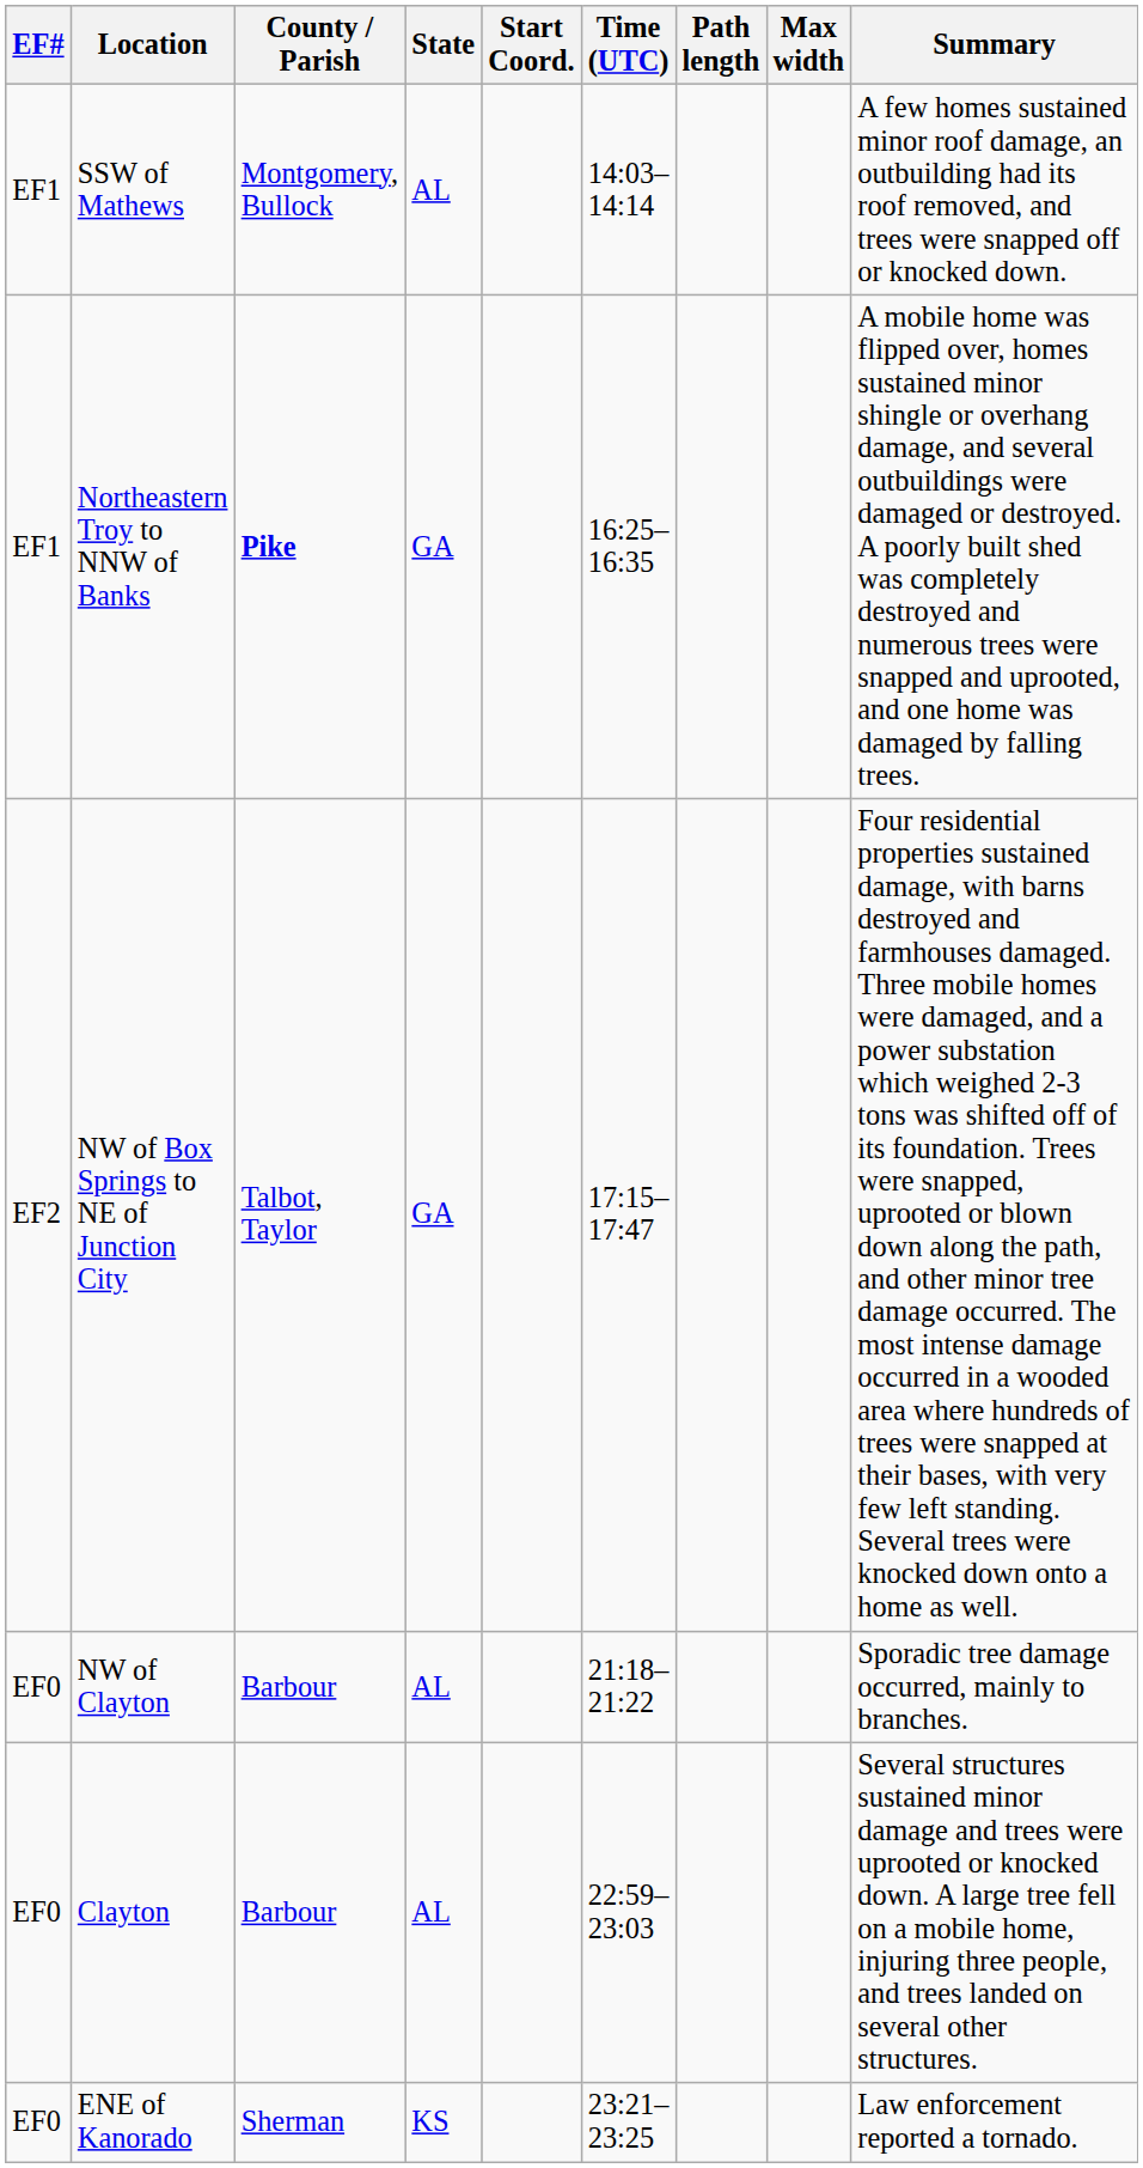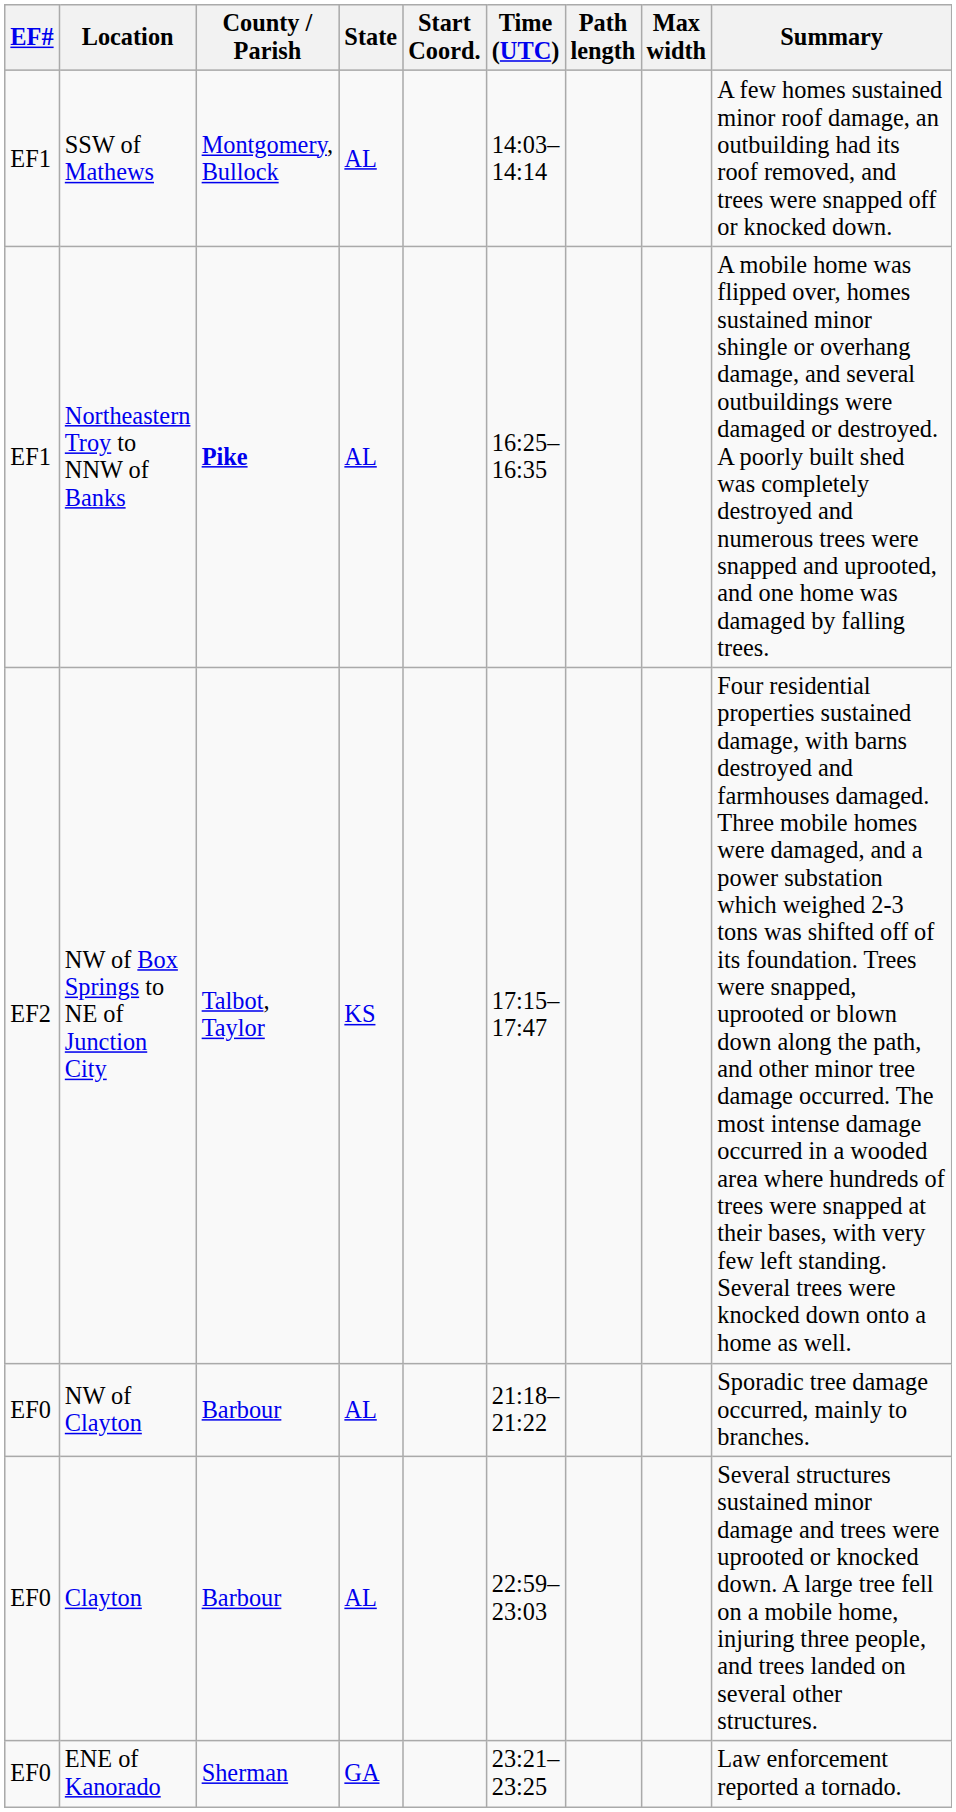 <table class="wikitable sortable" style="width:100%;">
 <tr>
 <th scope="col"  style="width:3%; text-align:center;"><a href='#'>EF#</a></th>
 <th scope="col"  style="width:7%; text-align:center;" class="unsortable">Location</th>
 <th scope="col"  style="width:6%; text-align:center;" class="unsortable">County / Parish</th>
 <th scope="col"  style="width:5%; text-align:center;">State</th>
 <th scope="col"  style="width:6%; text-align:center;">Start Coord.</th>
 <th scope="col"  style="width:6%; text-align:center;">Time (<a href='#'>UTC</a>)</th>
 <th scope="col"  style="width:6%; text-align:center;">Path length</th>
 <th scope="col"  style="width:6%; text-align:center;">Max width</th>
 <th scope="col" class="unsortable" style="width:48%; text-align:center;">Summary</th>
 </tr>
 <tr>
 <td>EF1</td>
 <td>SSW of <a href='#'>Mathews</a></td>
 <td><a href='#'>Montgomery</a>, <a href='#'>Bullock</a></td>
 <td><a href='#'>AL</a></td>
 <td></td>
 <td>14:03–14:14</td>
 <td></td>
 <td></td>
 <td>A few homes sustained minor roof damage, an outbuilding had its roof removed, and trees were snapped off or knocked down.</td>
 </tr>
 <tr>
 <td>EF1</td>
 <td><a href='#'>Northeastern Troy</a> to NNW of <a href='#'>Banks</a></td>
 <td><strong><a href='#'>Pike</a></strong></td>
-<td><a href='#'>GA</a></td>
+<td><a href='#'>AL</a></td>
 <td></td>
 <td>16:25–16:35</td>
 <td></td>
 <td></td>
 <td>A mobile home was flipped over, homes sustained minor shingle or overhang damage, and several outbuildings were damaged or destroyed. A poorly built shed was completely destroyed and numerous trees were snapped and uprooted, and one home was damaged by falling trees.</td>
 </tr>
 <tr>
 <td>EF2</td>
 <td>NW of <a href='#'>Box Springs</a> to NE of <a href='#'>Junction City</a></td>
 <td><a href='#'>Talbot</a>, <a href='#'>Taylor</a></td>
-<td><a href='#'>GA</a></td>
+<td><a href='#'>KS</a></td>
 <td></td>
 <td>17:15–17:47</td>
 <td></td>
 <td></td>
 <td>Four residential properties sustained damage, with barns destroyed and farmhouses damaged. Three mobile homes were damaged, and a power substation which weighed 2-3 tons was shifted  off of its foundation. Trees were snapped, uprooted or blown down along the path, and other minor tree damage occurred. The most intense damage occurred in a wooded area where hundreds of trees were snapped at their bases, with very few left standing. Several trees were knocked down onto a home as well.</td>
 </tr>
 <tr>
 <td>EF0</td>
 <td>NW of <a href='#'>Clayton</a></td>
 <td><a href='#'>Barbour</a></td>
 <td><a href='#'>AL</a></td>
 <td></td>
 <td>21:18–21:22</td>
 <td></td>
 <td></td>
 <td>Sporadic tree damage occurred, mainly to branches.</td>
 </tr>
 <tr>
 <td>EF0</td>
 <td><a href='#'>Clayton</a></td>
 <td><a href='#'>Barbour</a></td>
 <td><a href='#'>AL</a></td>
 <td></td>
 <td>22:59–23:03</td>
 <td></td>
 <td></td>
 <td>Several structures sustained minor damage and trees were uprooted or knocked down. A large tree fell on a mobile home, injuring three people, and trees landed on several other structures.</td>
 </tr>
 <tr>
 <td>EF0</td>
 <td>ENE of <a href='#'>Kanorado</a></td>
 <td><a href='#'>Sherman</a></td>
-<td><a href='#'>KS</a></td>
+<td><a href='#'>GA</a></td>
 <td></td>
 <td>23:21–23:25</td>
 <td></td>
 <td></td>
 <td>Law enforcement reported a tornado.</td>
 </tr>
 <tr>
 </tr>
 </table>
